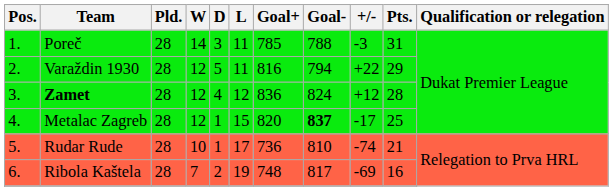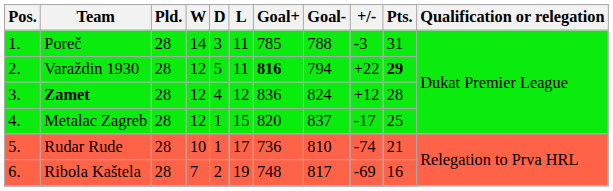 <table class="wikitable">
 <tr>
 <th>Pos.</th>
 <th>Team</th>
 <th>Pld.</th>
 <th>W</th>
 <th>D</th>
 <th>L</th>
 <th>Goal+</th>
 <th>Goal-</th>
 <th>+/-</th>
 <th>Pts.</th>
 <th>Qualification or relegation</th>
 </tr>
 <tr bgcolor="paleblue">
 <td>1.</td>
 <td>Poreč</td>
 <td>28</td>
 <td>14</td>
 <td>3</td>
 <td>11</td>
 <td>785</td>
 <td>788</td>
 <td>-3</td>
 <td>31</td>
 <td rowspan="4">Dukat Premier League</td>
 </tr>
 <tr bgcolor="paleblue">
 <td>2.</td>
 <td>Varaždin 1930</td>
 <td>28</td>
 <td>12</td>
 <td>5</td>
 <td>11</td>
-<td>816</td>
+<td><strong>816</strong></td>
 <td>794</td>
 <td>+22</td>
-<td>29</td>
+<td><strong>29</strong></td>
 </tr>
 <tr bgcolor="paleblue">
 <td>3.</td>
 <td><strong>Zamet</strong></td>
 <td>28</td>
 <td>12</td>
 <td>4</td>
 <td>12</td>
 <td>836</td>
 <td>824</td>
 <td>+12</td>
 <td>28</td>
 </tr>
 <tr bgcolor="paleblue">
 <td>4.</td>
 <td>Metalac Zagreb</td>
 <td>28</td>
 <td>12</td>
 <td>1</td>
 <td>15</td>
 <td>820</td>
-<td><strong>837</strong></td>
+<td>837</td>
 <td>-17</td>
 <td>25</td>
 </tr>
 <tr bgcolor="tomato">
 <td>5.</td>
 <td>Rudar Rude</td>
 <td>28</td>
 <td>10</td>
 <td>1</td>
 <td>17</td>
 <td>736</td>
 <td>810</td>
 <td>-74</td>
 <td>21</td>
 <td rowspan="6">Relegation to Prva HRL</td>
 </tr>
 <tr bgcolor="tomato">
 <td>6.</td>
 <td>Ribola Kaštela</td>
 <td>28</td>
 <td>7</td>
 <td>2</td>
 <td>19</td>
 <td>748</td>
 <td>817</td>
 <td>-69</td>
 <td>16</td>
 </tr>
 <tr bgcolor="tomato">
 </tr>
 <tr>
 </tr>
 </table>
